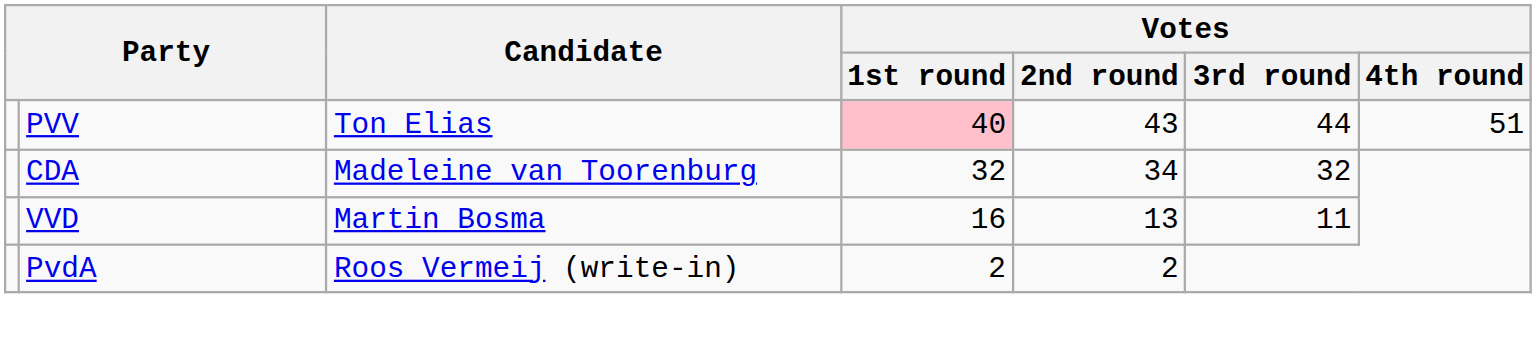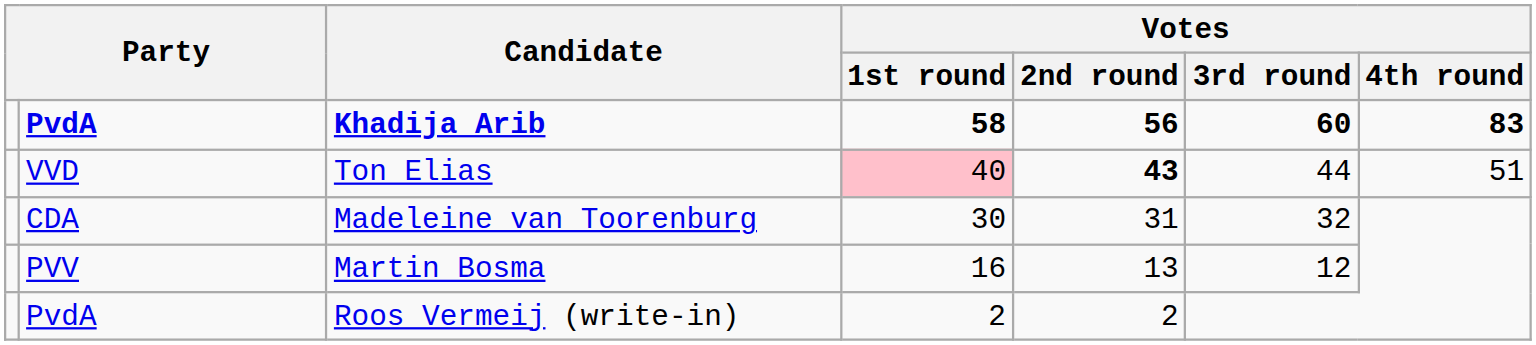 <table class=wikitable>
 <tr>
 <th colspan=2 rowspan=2 style="width: 130px">Party</th>
 <th rowspan=2 style="width: 17em">Candidate</th>
 <th colspan=4 style="width: 5em">Votes</th>
 </tr>
 <tr>
 <th>1st round</th>
 <th>2nd round</th>
 <th>3rd round</th>
 <th>4th round</th>
 </tr>
 <tr class="vcard">
 <td style="background-color:"></td>
-<td style="width: 130px"><a href='#'>PVV</a></td>
+<td style="width: 130px"><strong><a href='#'>PvdA</a></strong></td>
+<td><strong><a href='#'>Khadija Arib</a></strong></td>
+<td style="text-align:right;"><strong>58</strong></td>
+<td style="text-align:right;"><strong>56</strong></td>
+<td style="text-align:right;"><strong>60</strong></td>
+<td style="text-align:right;"><strong>83</strong></td>
+</tr>
+<tr class="vcard">
+<td style="background-color:"></td>
+<td style="width: 130px"><a href='#'>VVD</a></td>
 <td><a href='#'>Ton Elias</a></td>
 <td style="background: pink; text-align:right;">40</td>
-<td style="text-align:right;">43</td>
+<td style="text-align:right;"><strong>43</strong></td>
 <td style="text-align:right;">44</td>
 <td style="text-align:right;">51</td>
 </tr>
 <tr class="vcard">
 <td style="background-color:"></td>
 <td style="width: 130px"><a href='#'>CDA</a></td>
 <td><a href='#'>Madeleine van Toorenburg</a></td>
-<td style="text-align:right;">32</td>
-<td style="text-align:right;">34</td>
+<td style="text-align:right;">30</td>
+<td style="text-align:right;">31</td>
 <td style="text-align:right;">32</td>
 </tr>
 <tr class="vcard">
 <td style="background-color:"></td>
-<td style="width: 130px"><a href='#'>VVD</a></td>
+<td style="width: 130px"><a href='#'>PVV</a></td>
 <td><a href='#'>Martin Bosma</a></td>
 <td style="text-align:right;">16</td>
 <td style="text-align:right;">13</td>
-<td style="text-align:right;">11</td>
+<td style="text-align:right;">12</td>
 </tr>
 <tr class="vcard">
 <td style="background-color:"></td>
 <td style="width: 130px"><a href='#'>PvdA</a></td>
 <td><a href='#'>Roos Vermeij</a> (write-in)</td>
 <td style="text-align:right;">2</td>
 <td style="text-align:right;">2</td>
 </tr>
 </table>
